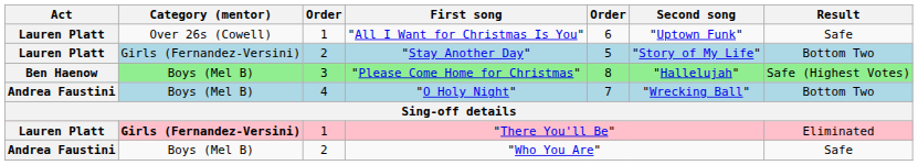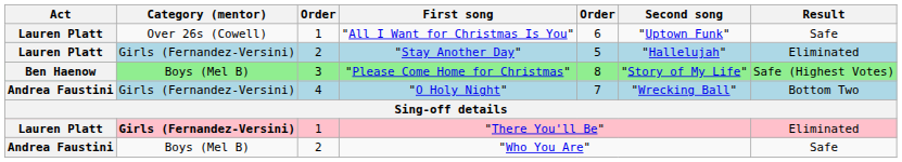 <table class="wikitable plainrowheaders" style="text-align:center;">
 <tr>
 <th scope="col">Act</th>
 <th scope="col">Category (mentor)</th>
 <th scope="col">Order</th>
 <th scope="col">First song</th>
 <th scope="col">Order</th>
 <th scope="col">Second song</th>
 <th scope="col">Result</th>
 </tr>
 <tr>
 <th scope="row">Lauren Platt</th>
 <td>Over 26s (Cowell)</td>
 <td>1</td>
 <td>"<a href='#'>All I Want for Christmas Is You</a>"</td>
 <td>6</td>
 <td>"<a href='#'>Uptown Funk</a>"</td>
 <td>Safe</td>
 </tr>
 <tr style="background:lightblue;">
 <th scope="row">Lauren Platt</th>
 <td>Girls (Fernandez-Versini)</td>
 <td>2</td>
 <td>"<a href='#'>Stay Another Day</a>"</td>
 <td>5</td>
-<td>"<a href='#'>Story of My Life</a>"</td>
-<td>Bottom Two</td>
+<td>"<a href='#'>Hallelujah</a>"</td>
+<td>Eliminated</td>
 </tr>
 <tr style="background:lightgreen;">
 <th scope="row">Ben Haenow</th>
 <td>Boys (Mel B)</td>
 <td>3</td>
 <td>"<a href='#'>Please Come Home for Christmas</a>"</td>
 <td>8</td>
-<td>"<a href='#'>Hallelujah</a>"</td>
+<td>"<a href='#'>Story of My Life</a>"</td>
 <td>Safe (Highest Votes)</td>
 </tr>
 <tr style="background:lightblue;">
 <th scope="row">Andrea Faustini</th>
-<td>Boys (Mel B)</td>
+<td>Girls (Fernandez-Versini)</td>
 <td>4</td>
 <td>"<a href='#'>O Holy Night</a>"</td>
 <td>7</td>
 <td>"<a href='#'>Wrecking Ball</a>"</td>
 <td>Bottom Two</td>
 </tr>
 <tr>
 <th scope="col" colspan=7>Sing-off details</th>
 </tr>
 <tr style="background:pink;">
 <th scope="row">Lauren Platt</th>
 <td><strong>Girls (Fernandez-Versini)</strong></td>
 <td>1</td>
 <td colspan="3">"<a href='#'>There You'll Be</a>"</td>
 <td>Eliminated</td>
 </tr>
 <tr>
 <th scope="row">Andrea Faustini</th>
 <td>Boys (Mel B)</td>
 <td>2</td>
 <td colspan="3">"<a href='#'>Who You Are</a>"</td>
 <td>Safe</td>
 </tr>
 </table>
